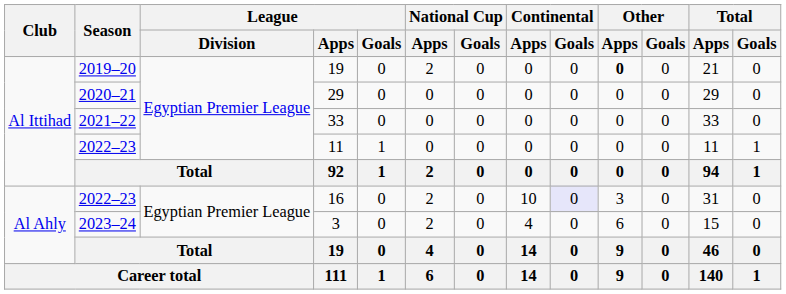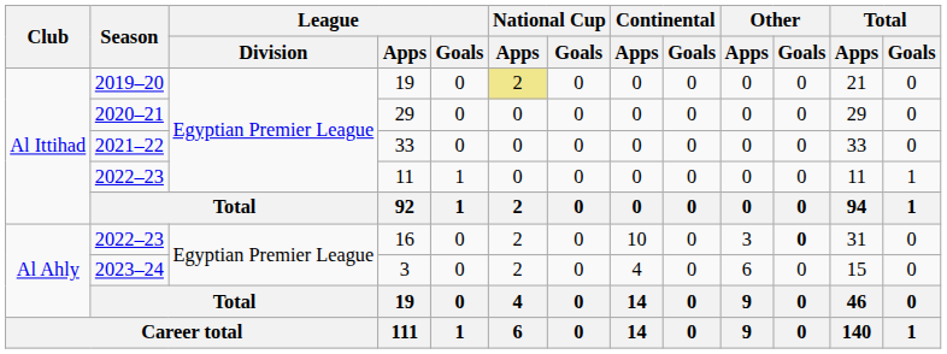 <table class="wikitable", style="text-align:center">
 <tr>
 <th rowspan="2">Club</th>
 <th rowspan="2">Season</th>
 <th colspan="3">League</th>
 <th colspan="2">National Cup</th>
 <th colspan="2">Continental</th>
 <th colspan="2">Other</th>
 <th colspan="2">Total</th>
 </tr>
 <tr>
 <th>Division</th>
 <th>Apps</th>
 <th>Goals</th>
 <th>Apps</th>
 <th>Goals</th>
 <th>Apps</th>
 <th>Goals</th>
 <th>Apps</th>
 <th>Goals</th>
 <th>Apps</th>
 <th>Goals</th>
 </tr>
 <tr>
 <td rowspan="5"><a href='#'>Al Ittihad</a></td>
 <td><a href='#'>2019–20</a></td>
 <td rowspan="4"><a href='#'>Egyptian Premier League</a></td>
 <td>19</td>
 <td>0</td>
-<td>2</td>
+<td style="background: khaki;">2</td>
 <td>0</td>
 <td>0</td>
 <td>0</td>
-<td><strong>0</strong></td>
+<td>0</td>
 <td>0</td>
 <td>21</td>
 <td>0</td>
 </tr>
 <tr>
 <td><a href='#'>2020–21</a></td>
 <td>29</td>
 <td>0</td>
 <td>0</td>
 <td>0</td>
 <td>0</td>
 <td>0</td>
 <td>0</td>
 <td>0</td>
 <td>29</td>
 <td>0</td>
 </tr>
 <tr>
 <td><a href='#'>2021–22</a></td>
 <td>33</td>
 <td>0</td>
 <td>0</td>
 <td>0</td>
 <td>0</td>
 <td>0</td>
 <td>0</td>
 <td>0</td>
 <td>33</td>
 <td>0</td>
 </tr>
 <tr>
 <td><a href='#'>2022–23</a></td>
 <td>11</td>
 <td>1</td>
 <td>0</td>
 <td>0</td>
 <td>0</td>
 <td>0</td>
 <td>0</td>
 <td>0</td>
 <td>11</td>
 <td>1</td>
 </tr>
 <tr>
 <th colspan="2">Total</th>
 <th>92</th>
 <th>1</th>
 <th>2</th>
 <th>0</th>
 <th>0</th>
 <th>0</th>
 <th>0</th>
 <th>0</th>
 <th>94</th>
 <th>1</th>
 </tr>
 <tr>
 <td rowspan="3"><a href='#'>Al Ahly</a></td>
 <td><a href='#'>2022–23</a></td>
 <td rowspan="2">Egyptian Premier League</td>
 <td>16</td>
 <td>0</td>
 <td>2</td>
 <td>0</td>
 <td>10</td>
-<td style="background: lavender;">0</td>
+<td>0</td>
 <td>3</td>
-<td>0</td>
+<td><strong>0</strong></td>
 <td>31</td>
 <td>0</td>
 </tr>
 <tr>
 <td><a href='#'>2023–24</a></td>
 <td>3</td>
 <td>0</td>
 <td>2</td>
 <td>0</td>
 <td>4</td>
 <td>0</td>
 <td>6</td>
 <td>0</td>
 <td>15</td>
 <td>0</td>
 </tr>
 <tr>
 <th colspan="2">Total</th>
 <th>19</th>
 <th>0</th>
 <th>4</th>
 <th>0</th>
 <th>14</th>
 <th>0</th>
 <th>9</th>
 <th>0</th>
 <th>46</th>
 <th>0</th>
 </tr>
 <tr>
 <th colspan="3">Career total</th>
 <th>111</th>
 <th>1</th>
 <th>6</th>
 <th>0</th>
 <th>14</th>
 <th>0</th>
 <th>9</th>
 <th>0</th>
 <th>140</th>
 <th>1</th>
 </tr>
 </table>
